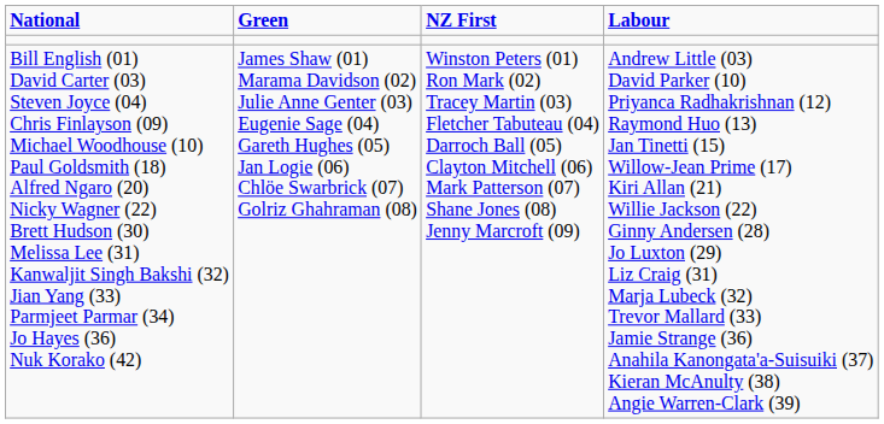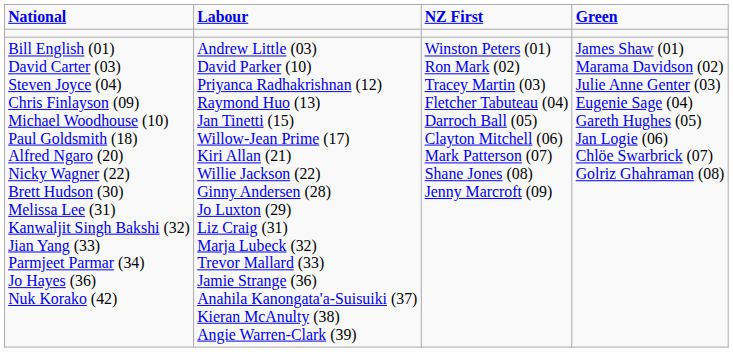 <table class= "wikitable sortable">
 <tr>
 <td><strong><a href='#'>National</a></strong></td>
+<td><strong><a href='#'>Labour</a></strong></td>
+<td><strong><a href='#'>NZ First</a></strong></td>
 <td><strong><a href='#'>Green</a></strong></td>
-<td><strong><a href='#'>NZ First</a></strong></td>
-<td><strong><a href='#'>Labour</a></strong></td>
 </tr>
 <tr>
 <td bgcolor=></td>
 <td bgcolor=></td>
 <td bgcolor=></td>
 <td bgcolor=></td>
 </tr>
 <tr valign="top">
 <td><a href='#'>Bill English</a> (01)<br><a href='#'>David Carter</a> (03)<br><a href='#'>Steven Joyce</a> (04)<br><a href='#'>Chris Finlayson</a> (09)<br><a href='#'>Michael Woodhouse</a> (10)<br><a href='#'>Paul Goldsmith</a> (18)<br><a href='#'>Alfred Ngaro</a> (20)<br><a href='#'>Nicky Wagner</a> (22)<br><a href='#'>Brett Hudson</a> (30)<br><a href='#'>Melissa Lee</a> (31)<br><a href='#'>Kanwaljit Singh Bakshi</a> (32)<br><a href='#'>Jian Yang</a> (33)<br><a href='#'>Parmjeet Parmar</a> (34)<br><a href='#'>Jo Hayes</a> (36)<br><a href='#'>Nuk Korako</a> (42)</td>
+<td><a href='#'>Andrew Little</a> (03)<br><a href='#'>David Parker</a> (10)<br><a href='#'>Priyanca Radhakrishnan</a> (12)<br><a href='#'>Raymond Huo</a> (13)<br><a href='#'>Jan Tinetti</a> (15)<br><a href='#'>Willow-Jean Prime</a> (17)<br><a href='#'>Kiri Allan</a> (21)<br><a href='#'>Willie Jackson</a> (22)<br><a href='#'>Ginny Andersen</a> (28)<br><a href='#'>Jo Luxton</a> (29)<br><a href='#'>Liz Craig</a> (31)<br><a href='#'>Marja Lubeck</a> (32)<br><a href='#'>Trevor Mallard</a> (33)<br><a href='#'>Jamie Strange</a> (36)<br><a href='#'>Anahila Kanongata'a-Suisuiki</a> (37)<br><a href='#'>Kieran McAnulty</a> (38)<br><a href='#'>Angie Warren-Clark</a> (39)</td>
+<td><a href='#'>Winston Peters</a> (01)<br><a href='#'>Ron Mark</a> (02)<br><a href='#'>Tracey Martin</a> (03)<br><a href='#'>Fletcher Tabuteau</a> (04)<br> <a href='#'>Darroch Ball</a> (05)<br><a href='#'>Clayton Mitchell</a> (06)<br> <a href='#'>Mark Patterson</a> (07)<br> <a href='#'>Shane Jones</a> (08)<br><a href='#'>Jenny Marcroft</a> (09)</td>
 <td><a href='#'>James Shaw</a> (01)<br><a href='#'>Marama Davidson</a> (02)<br><a href='#'>Julie Anne Genter</a> (03)<br><a href='#'>Eugenie Sage</a> (04)<br><a href='#'>Gareth Hughes</a> (05)<br><a href='#'>Jan Logie</a> (06)<br><a href='#'>Chlöe Swarbrick</a> (07)<br><a href='#'>Golriz Ghahraman</a> (08)</td>
-<td><a href='#'>Winston Peters</a> (01)<br><a href='#'>Ron Mark</a> (02)<br><a href='#'>Tracey Martin</a> (03)<br><a href='#'>Fletcher Tabuteau</a> (04)<br> <a href='#'>Darroch Ball</a> (05)<br><a href='#'>Clayton Mitchell</a> (06)<br> <a href='#'>Mark Patterson</a> (07)<br> <a href='#'>Shane Jones</a> (08)<br><a href='#'>Jenny Marcroft</a> (09)</td>
-<td><a href='#'>Andrew Little</a> (03)<br><a href='#'>David Parker</a> (10)<br><a href='#'>Priyanca Radhakrishnan</a> (12)<br><a href='#'>Raymond Huo</a> (13)<br><a href='#'>Jan Tinetti</a> (15)<br><a href='#'>Willow-Jean Prime</a> (17)<br><a href='#'>Kiri Allan</a> (21)<br><a href='#'>Willie Jackson</a> (22)<br><a href='#'>Ginny Andersen</a> (28)<br><a href='#'>Jo Luxton</a> (29)<br><a href='#'>Liz Craig</a> (31)<br><a href='#'>Marja Lubeck</a> (32)<br><a href='#'>Trevor Mallard</a> (33)<br><a href='#'>Jamie Strange</a> (36)<br><a href='#'>Anahila Kanongata'a-Suisuiki</a> (37)<br><a href='#'>Kieran McAnulty</a> (38)<br><a href='#'>Angie Warren-Clark</a> (39)</td>
 </tr>
 </table>
